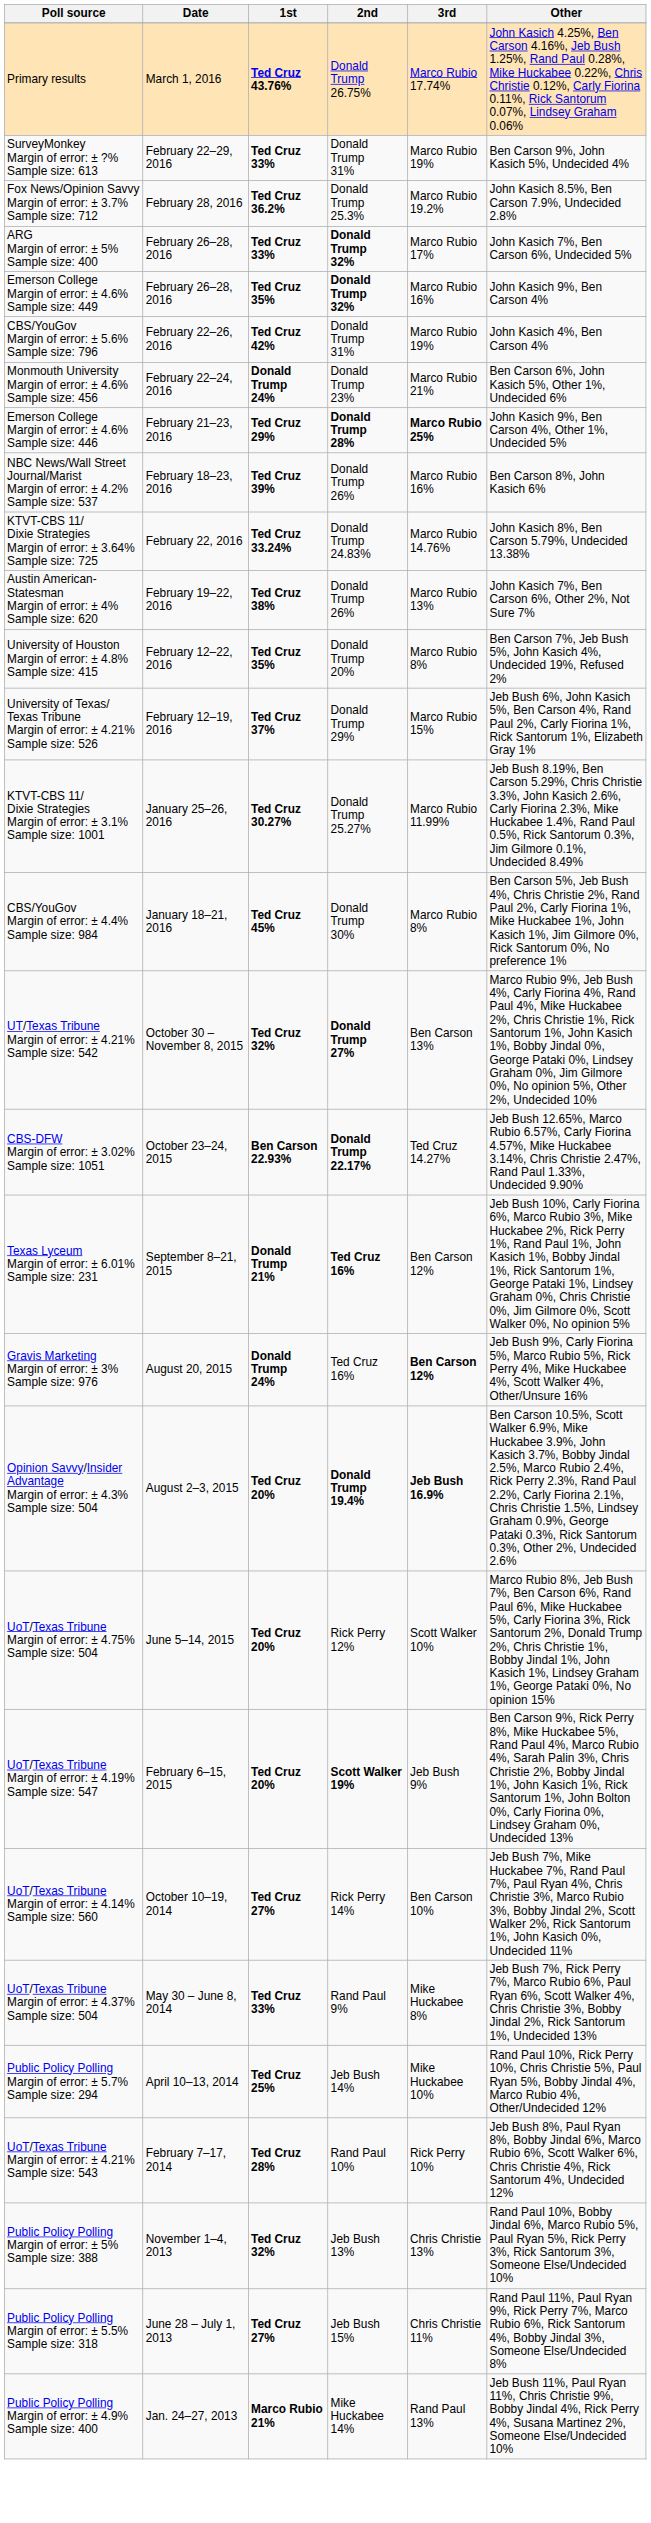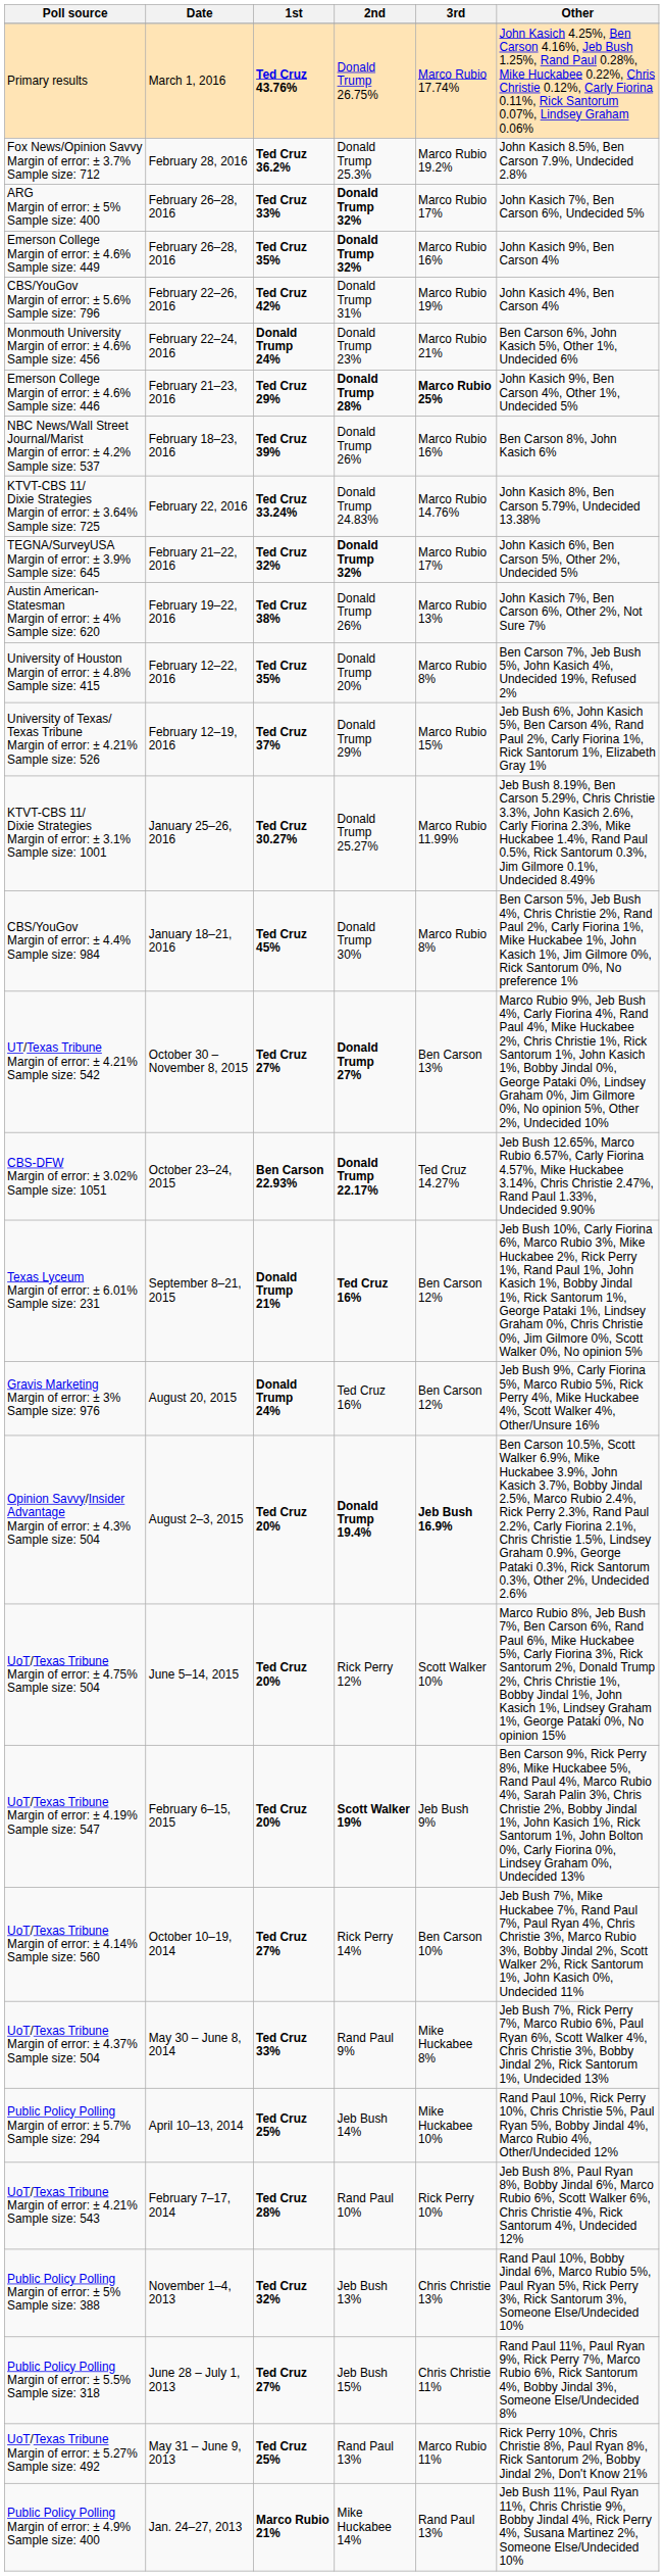 <table class="wikitable">
 <tr>
 <th style="width:180px;">Poll source</th>
 <th style="width:135px;">Date</th>
 <th style="width:100px;">1st</th>
 <th style="width:100px;">2nd</th>
 <th style="width:100px;">3rd</th>
 <th>Other</th>
 </tr>
 <tr>
 </tr>
 <tr style="background:Moccasin;">
 <td>Primary results</td>
 <td>March 1, 2016</td>
 <td><strong><a href='#'>Ted Cruz</a><br>43.76%</strong></td>
 <td><a href='#'>Donald Trump</a><br>26.75%</td>
 <td><a href='#'>Marco Rubio</a><br>17.74%</td>
 <td><a href='#'>John Kasich</a> 4.25%, <a href='#'>Ben Carson</a> 4.16%, <a href='#'>Jeb Bush</a> 1.25%, <a href='#'>Rand Paul</a> 0.28%, <a href='#'>Mike Huckabee</a> 0.22%, <a href='#'>Chris Christie</a> 0.12%, <a href='#'>Carly Fiorina</a> 0.11%, <a href='#'>Rick Santorum</a> 0.07%, <a href='#'>Lindsey Graham</a> 0.06%</td>
-</tr>
-<tr>
-<td>SurveyMonkey<br>Margin of error: ± ?% Sample size: 613</td>
-<td>February 22–29, 2016</td>
-<td><strong>Ted Cruz<br>33%</strong></td>
-<td>Donald Trump<br>31%</td>
-<td>Marco Rubio<br>19%</td>
-<td>Ben Carson 9%, John Kasich 5%, Undecided 4%</td>
 </tr>
 <tr>
 <td>Fox News/Opinion Savvy<br>Margin of error: ± 3.7% Sample size: 712</td>
 <td>February 28, 2016</td>
 <td><strong>Ted Cruz<br>36.2%</strong></td>
 <td>Donald Trump<br>25.3%</td>
 <td>Marco Rubio<br>19.2%</td>
 <td>John Kasich 8.5%, Ben Carson 7.9%, Undecided 2.8%</td>
 </tr>
 <tr>
 <td>ARG<br>Margin of error: ± 5% Sample size: 400</td>
 <td>February 26–28, 2016</td>
 <td><strong>Ted Cruz<br>33%</strong></td>
 <td><strong>Donald Trump<br>32%</strong></td>
 <td>Marco Rubio<br>17%</td>
 <td>John Kasich 7%, Ben Carson 6%, Undecided 5%</td>
 </tr>
 <tr>
 <td>Emerson College<br>Margin of error: ± 4.6% <br>Sample size: 449</td>
 <td>February 26–28, 2016</td>
 <td><strong>Ted Cruz<br>35%</strong></td>
 <td><strong>Donald Trump<br>32%</strong></td>
 <td>Marco Rubio<br>16%</td>
 <td>John Kasich 9%, Ben Carson 4%</td>
 </tr>
 <tr>
 <td>CBS/YouGov<br>Margin of error: ± 5.6% Sample size: 796</td>
 <td>February 22–26, 2016</td>
 <td><strong>Ted Cruz<br>42%</strong></td>
 <td>Donald Trump<br>31%</td>
 <td>Marco Rubio<br>19%</td>
 <td>John Kasich 4%, Ben Carson 4%</td>
 </tr>
 <tr>
 <td>Monmouth University<br>Margin of error: ± 4.6% <br>Sample size: 456</td>
 <td>February 22–24, 2016</td>
 <td><strong>Donald Trump<br>24%</strong></td>
 <td>Donald Trump<br>23%</td>
 <td>Marco Rubio<br>21%</td>
 <td>Ben Carson 6%, John Kasich 5%, Other 1%, Undecided 6%</td>
 </tr>
 <tr>
 <td>Emerson College<br>Margin of error: ± 4.6% <br>Sample size: 446</td>
 <td>February 21–23, 2016</td>
 <td><strong>Ted Cruz<br>29%</strong></td>
 <td><strong>Donald Trump<br>28%</strong></td>
 <td><strong>Marco Rubio<br>25%</strong></td>
 <td>John Kasich 9%, Ben Carson 4%, Other 1%, Undecided 5%</td>
 </tr>
 <tr>
 <td>NBC News/Wall Street<br>Journal/Marist<br>Margin of error: ± 4.2% <br>Sample size: 537</td>
 <td>February 18–23, 2016</td>
 <td><strong>Ted Cruz<br>39%</strong></td>
 <td>Donald Trump<br>26%</td>
 <td>Marco Rubio<br>16%</td>
 <td>Ben Carson 8%, John Kasich 6%</td>
 </tr>
 <tr>
 <td>KTVT-CBS 11/<br>Dixie Strategies<br>Margin of error: ± 3.64% <br>Sample size: 725</td>
 <td>February 22, 2016</td>
 <td><strong>Ted Cruz<br>33.24%</strong></td>
 <td>Donald Trump<br>24.83%</td>
 <td>Marco Rubio<br>14.76%</td>
 <td>John Kasich 8%, Ben Carson 5.79%, Undecided 13.38%</td>
 </tr>
 <tr>
+<td>TEGNA/SurveyUSA<br>Margin of error: ± 3.9% <br>Sample size: 645</td>
+<td>February 21–22, 2016</td>
+<td><strong>Ted Cruz<br>32%</strong></td>
+<td><strong>Donald Trump<br>32%</strong></td>
+<td>Marco Rubio<br>17%</td>
+<td>John Kasich 6%, Ben Carson 5%, Other 2%, Undecided 5%</td>
+</tr>
+<tr>
 <td>Austin American-Statesman<br>Margin of error: ± 4% <br>Sample size: 620</td>
 <td>February 19–22, 2016</td>
 <td><strong>Ted Cruz<br>38%</strong></td>
 <td>Donald Trump<br>26%</td>
 <td>Marco Rubio<br>13%</td>
 <td>John Kasich 7%, Ben Carson 6%, Other 2%, Not Sure 7%</td>
 </tr>
 <tr>
 <td>University of Houston<br>Margin of error: ± 4.8% <br>Sample size: 415</td>
 <td>February 12–22, 2016</td>
 <td><strong>Ted Cruz<br>35%</strong></td>
 <td>Donald Trump<br>20%</td>
 <td>Marco Rubio<br>8%</td>
 <td>Ben Carson 7%, Jeb Bush 5%, John Kasich 4%, Undecided 19%, Refused 2%</td>
 </tr>
 <tr>
 <td>University of Texas/<br>Texas Tribune<br>Margin of error: ± 4.21% <br>Sample size: 526</td>
 <td>February 12–19, 2016</td>
 <td><strong>Ted Cruz<br>37%</strong></td>
 <td>Donald Trump<br>29%</td>
 <td>Marco Rubio<br>15%</td>
 <td>Jeb Bush 6%, John Kasich 5%, Ben Carson 4%, Rand Paul 2%, Carly Fiorina 1%, Rick Santorum 1%, Elizabeth Gray 1%</td>
 </tr>
 <tr>
 <td>KTVT-CBS 11/<br> Dixie Strategies<br>Margin of error: ± 3.1% <br>Sample size: 1001</td>
 <td>January 25–26, 2016</td>
 <td><strong>Ted Cruz<br>30.27%</strong></td>
 <td>Donald Trump<br>25.27%</td>
 <td>Marco Rubio<br>11.99%</td>
 <td>Jeb Bush 8.19%, Ben Carson 5.29%, Chris Christie 3.3%, John Kasich 2.6%, Carly Fiorina 2.3%, Mike Huckabee 1.4%, Rand Paul 0.5%, Rick Santorum 0.3%, Jim Gilmore 0.1%, Undecided 8.49%</td>
 </tr>
 <tr>
 <td>CBS/YouGov<br>Margin of error: ± 4.4% <br>Sample size: 984</td>
 <td>January 18–21, 2016</td>
 <td><strong>Ted Cruz<br>45%</strong></td>
 <td>Donald Trump<br>30%</td>
 <td>Marco Rubio<br>8%</td>
 <td>Ben Carson 5%, Jeb Bush 4%, Chris Christie 2%, Rand Paul 2%, Carly Fiorina 1%, Mike Huckabee 1%, John Kasich 1%, Jim Gilmore 0%, Rick Santorum 0%, No preference 1%</td>
 </tr>
 <tr>
 <td><a href='#'>UT</a>/<a href='#'>Texas Tribune</a><br>Margin of error: ± 4.21% <br>Sample size: 542</td>
 <td>October 30 – November 8, 2015</td>
-<td><strong>Ted Cruz<br>32%</strong></td>
+<td><strong>Ted Cruz<br>27%</strong></td>
 <td><strong>Donald Trump<br>27%</strong></td>
 <td>Ben Carson<br>13%</td>
 <td>Marco Rubio 9%, Jeb Bush 4%, Carly Fiorina 4%, Rand Paul 4%, Mike Huckabee 2%, Chris Christie 1%, Rick Santorum 1%, John Kasich 1%, Bobby Jindal 0%, George Pataki 0%, Lindsey Graham 0%, Jim Gilmore 0%, No opinion 5%, Other 2%, Undecided 10%</td>
 </tr>
 <tr>
 <td><a href='#'>CBS-DFW</a><br>Margin of error: ± 3.02% <br>Sample size: 1051</td>
 <td>October 23–24, 2015</td>
 <td><strong>Ben Carson<br>22.93%</strong></td>
 <td><strong>Donald Trump<br>22.17%</strong></td>
 <td>Ted Cruz<br>14.27%</td>
 <td>Jeb Bush 12.65%, Marco Rubio 6.57%, Carly Fiorina 4.57%, Mike Huckabee 3.14%, Chris Christie 2.47%, Rand Paul 1.33%, Undecided 9.90%</td>
 </tr>
 <tr>
 <td><a href='#'>Texas Lyceum</a><br>Margin of error: ± 6.01% <br>Sample size: 231</td>
 <td>September 8–21, 2015</td>
 <td><strong>Donald Trump<br>21%</strong></td>
 <td><strong>Ted Cruz<br>16%</strong></td>
 <td>Ben Carson<br>12%</td>
 <td>Jeb Bush 10%, Carly Fiorina 6%, Marco Rubio 3%, Mike Huckabee 2%, Rick Perry 1%, Rand Paul 1%, John Kasich 1%, Bobby Jindal 1%, Rick Santorum 1%, George Pataki 1%, Lindsey Graham 0%, Chris Christie 0%, Jim Gilmore 0%, Scott Walker 0%, No opinion 5%</td>
 </tr>
 <tr>
 <td><a href='#'>Gravis Marketing</a><br>Margin of error: ± 3% <br>Sample size: 976</td>
 <td>August 20, 2015</td>
 <td><strong>Donald Trump<br>24%</strong></td>
 <td>Ted Cruz<br>16%</td>
-<td><strong>Ben Carson<br>12%</strong></td>
+<td>Ben Carson<br>12%</td>
 <td>Jeb Bush 9%, Carly Fiorina 5%, Marco Rubio 5%, Rick Perry 4%, Mike Huckabee 4%, Scott Walker 4%, Other/Unsure 16%</td>
 </tr>
 <tr>
 <td><a href='#'>Opinion Savvy</a>/<a href='#'>Insider Advantage</a><br>Margin of error: ± 4.3% <br>Sample size: 504</td>
 <td>August 2–3, 2015</td>
 <td><strong>Ted Cruz<br>20%</strong></td>
 <td><strong>Donald Trump<br>19.4%</strong></td>
 <td><strong>Jeb Bush<br>16.9%</strong></td>
 <td>Ben Carson 10.5%, Scott Walker 6.9%, Mike Huckabee 3.9%, John Kasich 3.7%, Bobby Jindal 2.5%, Marco Rubio 2.4%, Rick Perry 2.3%, Rand Paul 2.2%, Carly Fiorina 2.1%, Chris Christie 1.5%, Lindsey Graham 0.9%, George Pataki 0.3%, Rick Santorum 0.3%, Other 2%, Undecided 2.6%</td>
 </tr>
 <tr>
 <td><a href='#'>UoT</a>/<a href='#'>Texas Tribune</a><br>Margin of error: ± 4.75% <br>Sample size: 504</td>
 <td>June 5–14, 2015</td>
 <td><strong>Ted Cruz<br>20%</strong></td>
 <td>Rick Perry<br>12%</td>
 <td>Scott Walker<br>10%</td>
 <td>Marco Rubio 8%, Jeb Bush 7%, Ben Carson 6%, Rand Paul 6%, Mike Huckabee 5%, Carly Fiorina 3%, Rick Santorum 2%, Donald Trump 2%, Chris Christie 1%, Bobby Jindal 1%, John Kasich 1%, Lindsey Graham 1%, George Pataki 0%, No opinion 15%</td>
 </tr>
 <tr>
 <td><a href='#'>UoT</a>/<a href='#'>Texas Tribune</a><br>Margin of error: ± 4.19% <br>Sample size: 547</td>
 <td>February 6–15, 2015</td>
 <td><strong>Ted Cruz<br>20%</strong></td>
 <td><strong>Scott Walker<br>19%</strong></td>
 <td>Jeb Bush<br>9%</td>
 <td>Ben Carson 9%, Rick Perry 8%, Mike Huckabee 5%, Rand Paul 4%, Marco Rubio 4%, Sarah Palin 3%, Chris Christie 2%, Bobby Jindal 1%, John Kasich 1%, Rick Santorum 1%, John Bolton 0%, Carly Fiorina 0%, Lindsey Graham 0%, Undecided 13%</td>
 </tr>
 <tr>
 <td><a href='#'>UoT</a>/<a href='#'>Texas Tribune</a><br>Margin of error: ± 4.14% <br>Sample size: 560</td>
 <td>October 10–19, 2014</td>
 <td><strong>Ted Cruz<br>27%</strong></td>
 <td>Rick Perry<br>14%</td>
 <td>Ben Carson<br>10%</td>
 <td>Jeb Bush 7%, Mike Huckabee 7%, Rand Paul 7%, Paul Ryan 4%, Chris Christie 3%, Marco Rubio 3%, Bobby Jindal 2%, Scott Walker 2%, Rick Santorum 1%, John Kasich 0%, Undecided 11%</td>
 </tr>
 <tr>
 <td><a href='#'>UoT</a>/<a href='#'>Texas Tribune</a><br>Margin of error: ± 4.37% <br>Sample size: 504</td>
 <td>May 30 – June 8, 2014</td>
 <td><strong>Ted Cruz<br>33%</strong></td>
 <td>Rand Paul<br>9%</td>
 <td>Mike Huckabee<br>8%</td>
 <td>Jeb Bush 7%, Rick Perry 7%, Marco Rubio 6%, Paul Ryan 6%, Scott Walker 4%, Chris Christie 3%, Bobby Jindal 2%, Rick Santorum 1%, Undecided 13%</td>
 </tr>
 <tr>
 <td><a href='#'>Public Policy Polling</a><br>Margin of error: ± 5.7% <br>Sample size: 294</td>
 <td>April 10–13, 2014</td>
 <td><strong>Ted Cruz<br>25%</strong></td>
 <td>Jeb Bush<br>14%</td>
 <td>Mike Huckabee<br>10%</td>
 <td>Rand Paul 10%, Rick Perry 10%, Chris Christie 5%, Paul Ryan 5%, Bobby Jindal 4%, Marco Rubio 4%, Other/Undecided 12%</td>
 </tr>
 <tr>
 <td><a href='#'>UoT</a>/<a href='#'>Texas Tribune</a><br>Margin of error: ± 4.21% <br>Sample size: 543</td>
 <td>February 7–17, 2014</td>
 <td><strong>Ted Cruz<br>28%</strong></td>
 <td>Rand Paul<br>10%</td>
 <td>Rick Perry<br>10%</td>
 <td>Jeb Bush 8%, Paul Ryan 8%, Bobby Jindal 6%, Marco Rubio 6%, Scott Walker 6%, Chris Christie 4%, Rick Santorum 4%, Undecided 12%</td>
 </tr>
 <tr>
 <td><a href='#'>Public Policy Polling</a><br>Margin of error: ± 5% <br>Sample size: 388</td>
 <td>November 1–4, 2013</td>
 <td><strong>Ted Cruz<br>32%</strong></td>
 <td>Jeb Bush<br>13%</td>
 <td>Chris Christie<br>13%</td>
 <td>Rand Paul 10%, Bobby Jindal 6%, Marco Rubio 5%, Paul Ryan 5%, Rick Perry 3%, Rick Santorum 3%, Someone Else/Undecided 10%</td>
 </tr>
 <tr>
 <td><a href='#'>Public Policy Polling</a><br>Margin of error: ± 5.5% <br>Sample size: 318</td>
 <td>June 28 – July 1, 2013</td>
 <td><strong>Ted Cruz<br>27%</strong></td>
 <td>Jeb Bush<br>15%</td>
 <td>Chris Christie<br>11%</td>
 <td>Rand Paul 11%, Paul Ryan 9%, Rick Perry 7%, Marco Rubio 6%, Rick Santorum 4%, Bobby Jindal 3%, Someone Else/Undecided 8%</td>
 </tr>
 <tr>
+<td><a href='#'>UoT</a>/<a href='#'>Texas Tribune</a><br>Margin of error: ± 5.27% <br>Sample size: 492</td>
+<td>May 31 – June 9, 2013</td>
+<td><strong>Ted Cruz<br>25%</strong></td>
+<td>Rand Paul<br>13%</td>
+<td>Marco Rubio<br>11%</td>
+<td>Rick Perry 10%, Chris Christie 8%, Paul Ryan 8%, Rick Santorum 2%, Bobby Jindal 2%, Don't Know 21%</td>
+</tr>
+<tr>
 <td><a href='#'>Public Policy Polling</a><br>Margin of error: ± 4.9% <br>Sample size: 400</td>
 <td>Jan. 24–27, 2013</td>
 <td><strong>Marco Rubio<br>21%</strong></td>
 <td>Mike Huckabee<br>14%</td>
 <td>Rand Paul<br>13%</td>
 <td>Jeb Bush 11%, Paul Ryan 11%, Chris Christie 9%, Bobby Jindal 4%, Rick Perry 4%, Susana Martinez 2%, Someone Else/Undecided 10%</td>
 </tr>
 </table>
